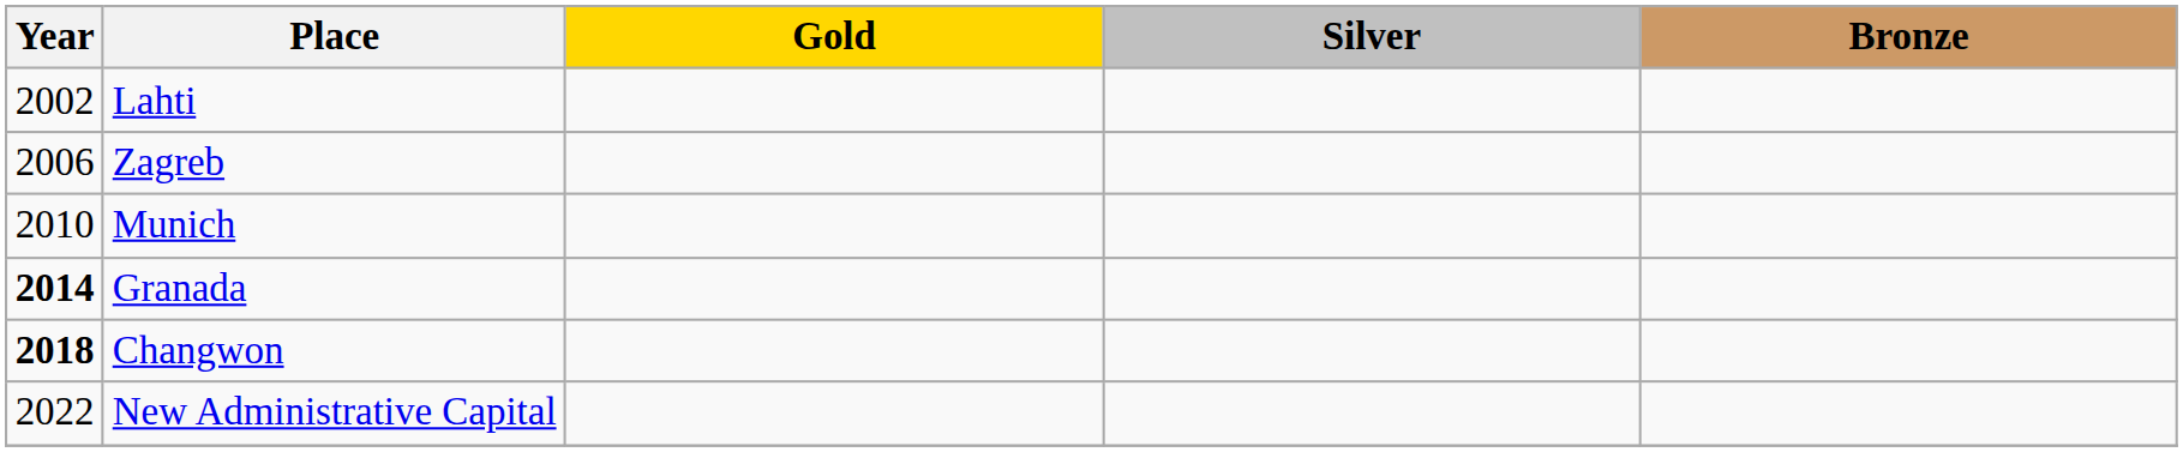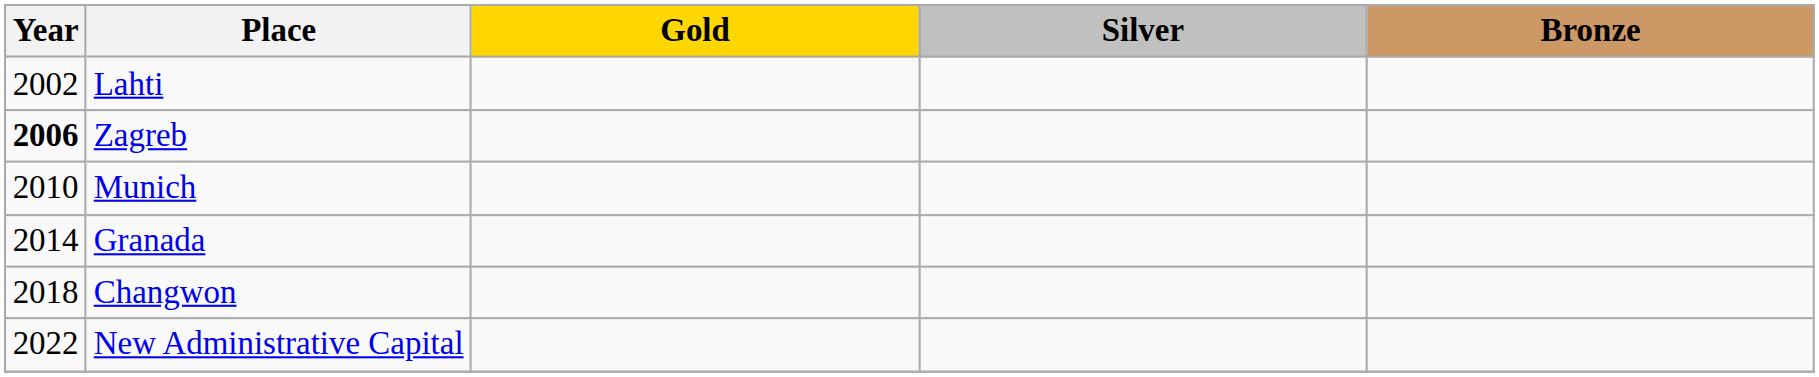 <table class="wikitable">
 <tr>
 <th>Year</th>
 <th>Place</th>
 <th style="background:gold"    width="210">Gold</th>
 <th style="background:silver"  width="210">Silver</th>
 <th style="background:#cc9966" width="210">Bronze</th>
 </tr>
 <tr>
 <td>2002</td>
 <td> <a href='#'>Lahti</a></td>
 <td></td>
 <td></td>
 <td></td>
 </tr>
 <tr>
-<td>2006</td>
+<td><strong>2006</strong></td>
 <td> <a href='#'>Zagreb</a></td>
 <td></td>
 <td></td>
 <td></td>
 </tr>
 <tr>
 <td>2010</td>
 <td> <a href='#'>Munich</a></td>
 <td></td>
 <td></td>
 <td></td>
 </tr>
 <tr>
-<td><strong>2014</strong></td>
+<td>2014</td>
 <td> <a href='#'>Granada</a></td>
 <td></td>
 <td></td>
 <td></td>
 </tr>
 <tr>
-<td><strong>2018</strong></td>
+<td>2018</td>
 <td> <a href='#'>Changwon</a></td>
 <td></td>
 <td></td>
 <td></td>
 </tr>
 <tr>
 <td>2022</td>
 <td> <a href='#'>New Administrative Capital</a></td>
 <td></td>
 <td></td>
 <td></td>
 </tr>
 <tr>
 </tr>
 </table>
